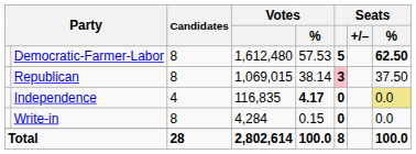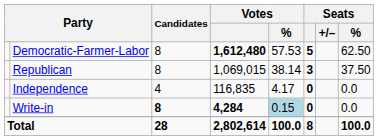 <table class="wikitable" style="font-size: 95%;">
 <tr>
 <th colspan="2" rowspan="2">Party</th>
 <th rowspan="2"><small>Candi</small><small>dates</small></th>
 <th colspan="2">Votes</th>
 <th colspan="3">Seats</th>
 </tr>
 <tr>
 <th></th>
 <th>%</th>
 <th></th>
 <th>+/–</th>
 <th>%</th>
 </tr>
 <tr>
 <td style="background:"></td>
 <td align="left"><a href='#'>Democratic-Farmer-Labor</a></td>
 <td>8</td>
-<td>1,612,480</td>
+<td><strong>1,612,480</strong></td>
 <td>57.53</td>
 <td><strong>5</strong></td>
 <td></td>
-<td><strong>62.50</strong></td>
+<td>62.50</td>
 </tr>
 <tr>
 <td style="background:"></td>
 <td align="left"><a href='#'>Republican</a></td>
 <td>8</td>
 <td>1,069,015</td>
 <td>38.14</td>
-<td style="background: pink;"><strong>3</strong></td>
+<td><strong>3</strong></td>
 <td></td>
 <td>37.50</td>
 </tr>
 <tr>
 <td style="background:"></td>
 <td align="left"><a href='#'>Independence</a></td>
 <td>4</td>
 <td>116,835</td>
-<td><strong>4.17</strong></td>
+<td>4.17</td>
 <td><strong>0</strong></td>
 <td></td>
-<td style="background: khaki;">0.0</td>
+<td>0.0</td>
 </tr>
 <tr>
 <td style="background:"></td>
 <td align="left"><a href='#'>Write-in</a></td>
-<td>8</td>
-<td>4,284</td>
-<td>0.15</td>
+<td><strong>8</strong></td>
+<td><strong>4,284</strong></td>
+<td style="background: lightblue;">0.15</td>
 <td><strong>0</strong></td>
 <td></td>
 <td>0.0</td>
 </tr>
 <tr>
 </tr>
 <tr style="font-weight:bold">
 <td colspan="2" align="left">Total</td>
 <td>28</td>
 <td>2,802,614</td>
 <td>100.0</td>
 <td>8</td>
 <td></td>
 <td>100.0</td>
 </tr>
 </table>
